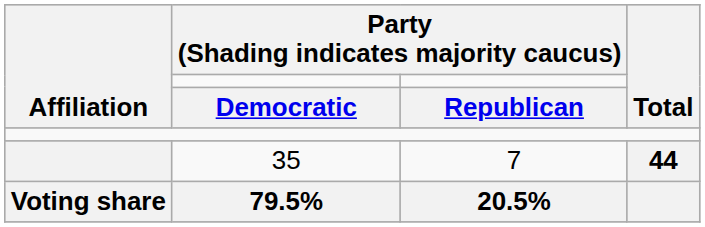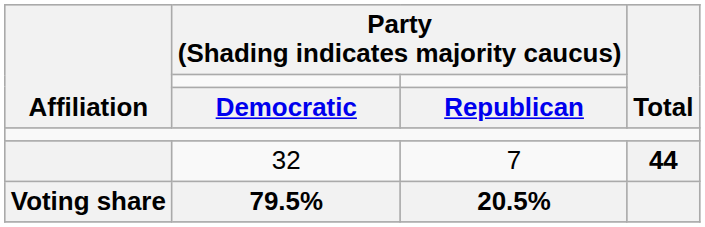 <table class=wikitable style="text-align:center">
 <tr style="vertical-align:bottom;">
 <th rowspan=3>Affiliation</th>
 <th colspan=2>Party <div>(Shading indicates majority caucus)</div></th>
 <th rowspan=3>Total</th>
 </tr>
 <tr style="height:5px">
 <td style="background-color:"></td>
 <td style="background-color:"></td>
 </tr>
 <tr>
 <th><a href='#'>Democratic</a></th>
 <th><a href='#'>Republican</a></th>
 </tr>
 <tr>
 <td colspan=5></td>
 </tr>
 <tr>
 <th nowrap style="font-size:80%"></th>
-<td>35</td>
+<td>32</td>
 <td>7</td>
 <th>44</th>
 </tr>
 <tr>
 <th>Voting share</th>
 <th>79.5%</th>
 <th>20.5% </th>
 <th colspan=2></th>
 </tr>
 </table>
